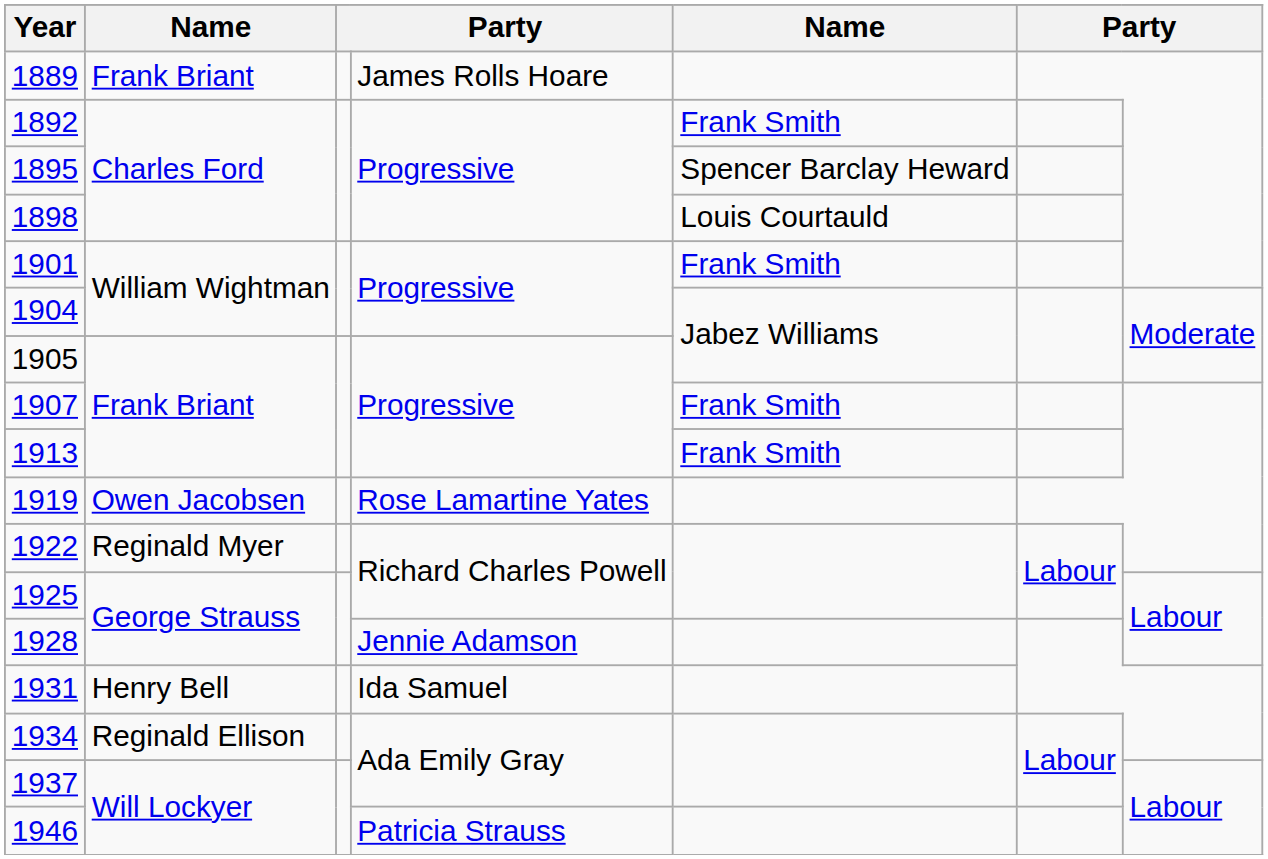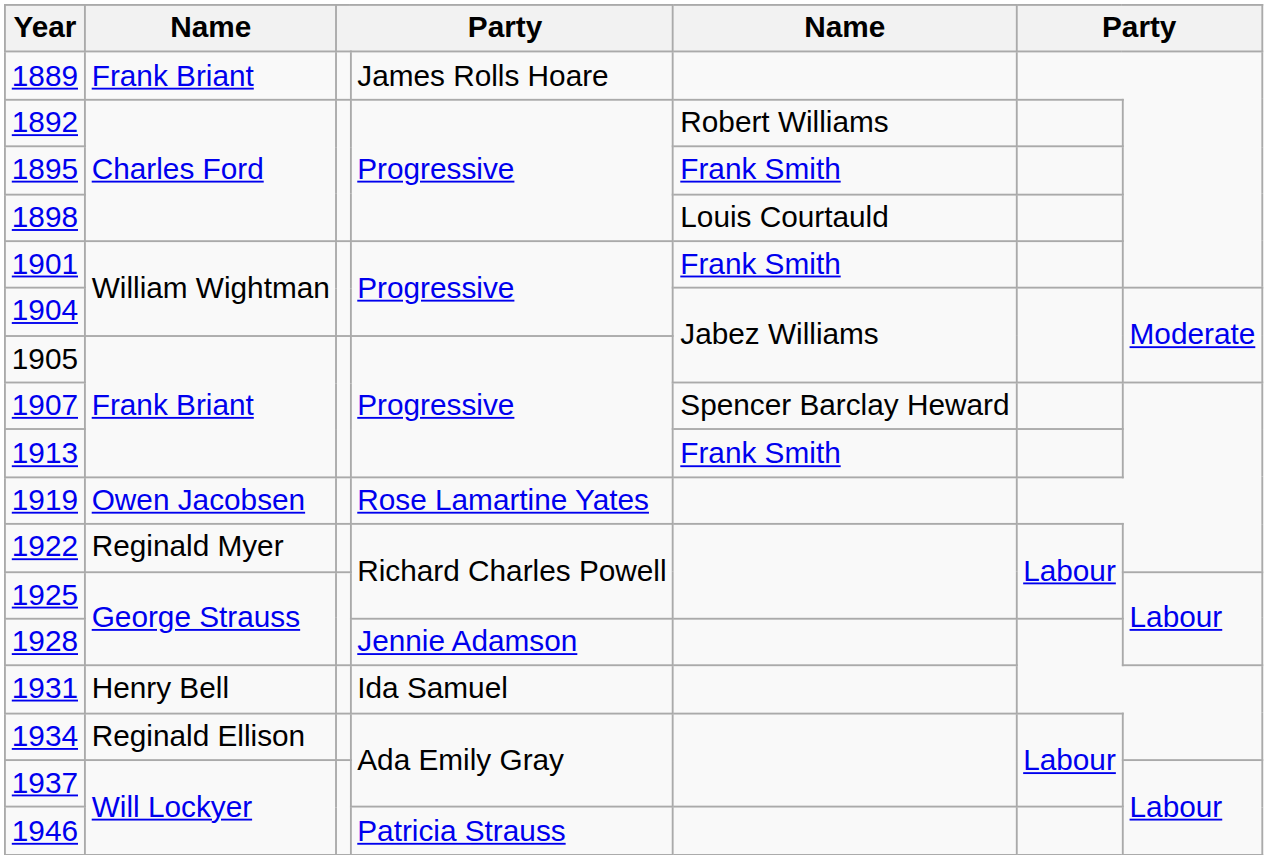 <table class="wikitable">
 <tr>
 <th>Year</th>
 <th>Name</th>
 <th colspan=2>Party</th>
 <th>Name</th>
 <th colspan=2>Party</th>
 </tr>
 <tr>
 <td><a href='#'>1889</a></td>
 <td><a href='#'>Frank Briant</a></td>
 <td></td>
 <td>James Rolls Hoare</td>
 <td></td>
 </tr>
 <tr>
 <td><a href='#'>1892</a></td>
 <td rowspan=3><a href='#'>Charles Ford</a></td>
 <td rowspan=3 style="background-color: "></td>
 <td rowspan=3><a href='#'>Progressive</a></td>
-<td><a href='#'>Frank Smith</a></td>
+<td>Robert Williams</td>
 <td></td>
 </tr>
 <tr>
 <td><a href='#'>1895</a></td>
-<td>Spencer Barclay Heward</td>
+<td><a href='#'>Frank Smith</a></td>
 <td></td>
 </tr>
 <tr>
 <td><a href='#'>1898</a></td>
 <td>Louis Courtauld</td>
 <td></td>
 </tr>
 <tr>
 <td><a href='#'>1901</a></td>
 <td rowspan=2>William Wightman</td>
 <td rowspan=2 style="background-color: "></td>
 <td rowspan=2><a href='#'>Progressive</a></td>
 <td><a href='#'>Frank Smith</a></td>
 <td></td>
 </tr>
 <tr>
 <td><a href='#'>1904</a></td>
 <td rowspan=2>Jabez Williams</td>
 <td rowspan=2 style="background-color: "></td>
 <td rowspan=2><a href='#'>Moderate</a></td>
 </tr>
 <tr>
 <td>1905</td>
 <td rowspan=3><a href='#'>Frank Briant</a></td>
 <td rowspan=3 style="background-color: "></td>
 <td rowspan=3><a href='#'>Progressive</a></td>
 </tr>
 <tr>
 <td><a href='#'>1907</a></td>
-<td><a href='#'>Frank Smith</a></td>
+<td>Spencer Barclay Heward</td>
 <td></td>
 </tr>
 <tr>
 <td><a href='#'>1913</a></td>
 <td><a href='#'>Frank Smith</a></td>
 <td></td>
 </tr>
 <tr>
 <td><a href='#'>1919</a></td>
 <td><a href='#'>Owen Jacobsen</a></td>
 <td></td>
 <td><a href='#'>Rose Lamartine Yates</a></td>
 <td></td>
 </tr>
 <tr>
 <td><a href='#'>1922</a></td>
 <td>Reginald Myer</td>
 <td></td>
 <td rowspan=2>Richard Charles Powell</td>
 <td rowspan=2 style="background-color: "></td>
 <td rowspan=2><a href='#'>Labour</a></td>
 </tr>
 <tr>
 <td><a href='#'>1925</a></td>
 <td rowspan=2><a href='#'>George Strauss</a></td>
 <td rowspan=2 style="background-color: "></td>
 <td rowspan=2><a href='#'>Labour</a></td>
 </tr>
 <tr>
 <td><a href='#'>1928</a></td>
 <td><a href='#'>Jennie Adamson</a></td>
 <td></td>
 </tr>
 <tr>
 <td><a href='#'>1931</a></td>
 <td>Henry Bell</td>
 <td></td>
 <td>Ida Samuel</td>
 <td></td>
 </tr>
 <tr>
 <td><a href='#'>1934</a></td>
 <td>Reginald Ellison</td>
 <td></td>
 <td rowspan=2>Ada Emily Gray</td>
 <td rowspan=2 style="background-color: "></td>
 <td rowspan=2><a href='#'>Labour</a></td>
 </tr>
 <tr>
 <td><a href='#'>1937</a></td>
 <td rowspan=2><a href='#'>Will Lockyer</a></td>
 <td rowspan=2 style="background-color: "></td>
 <td rowspan=2><a href='#'>Labour</a></td>
 </tr>
 <tr>
 <td><a href='#'>1946</a></td>
 <td><a href='#'>Patricia Strauss</a></td>
 <td></td>
 </tr>
 </table>
